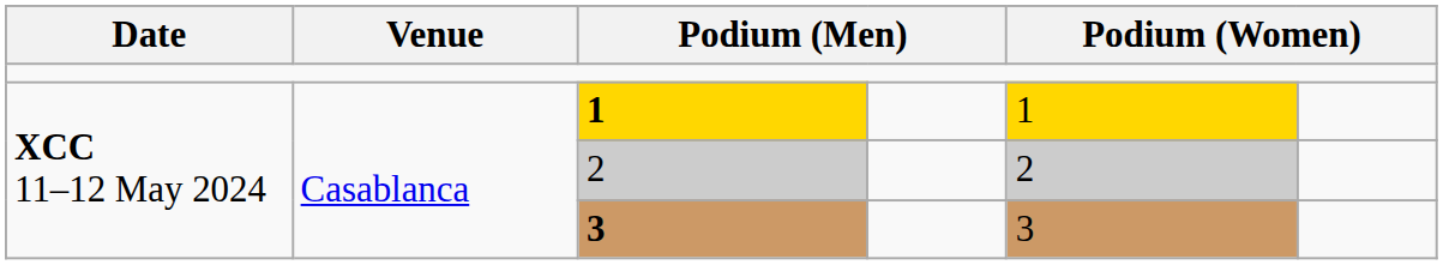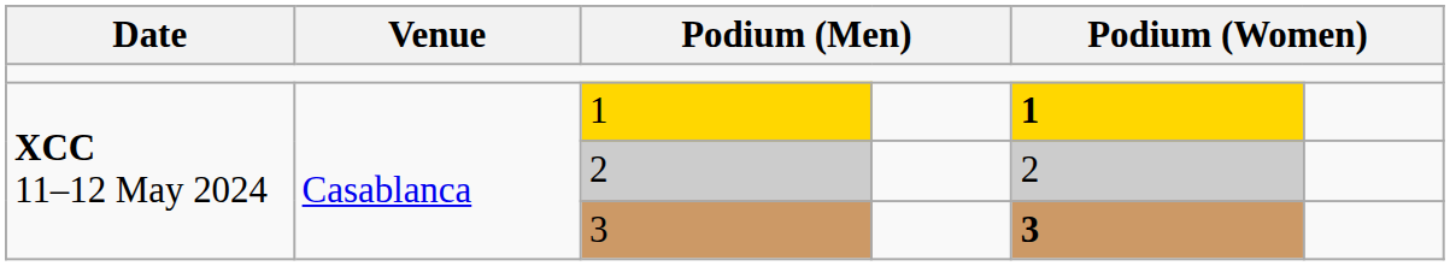 <table class="wikitable" width=70%>
 <tr>
 <th>Date</th>
 <th width=20%>Venue</th>
 <th colspan=2 width=30%>Podium (Men)</th>
 <th colspan=2 width=30%>Podium (Women)</th>
 </tr>
 <tr>
 <td colspan=6></td>
 </tr>
 <tr>
 <td rowspan=3><strong>XCC</strong> <br> 11–12 May 2024</td>
 <td rowspan=3><br><a href='#'>Casablanca</a></td>
+<td bgcolor=FFD700>1</td>
+<td></td>
 <td bgcolor=FFD700><strong>1</strong></td>
-<td></td>
-<td bgcolor=FFD700>1</td>
 <td></td>
 </tr>
 <tr>
 <td bgcolor=CCCCCC>2</td>
 <td></td>
 <td bgcolor=CCCCCC>2</td>
 <td></td>
 </tr>
 <tr>
+<td bgcolor=CC9966>3</td>
+<td></td>
 <td bgcolor=CC9966><strong>3</strong></td>
-<td></td>
-<td bgcolor=CC9966>3</td>
 <td></td>
 </tr>
 </table>
